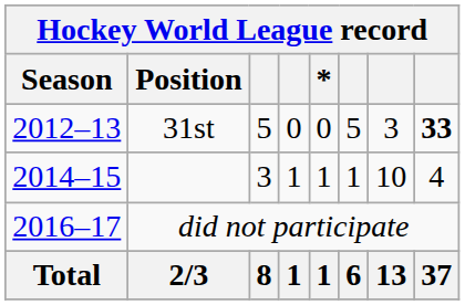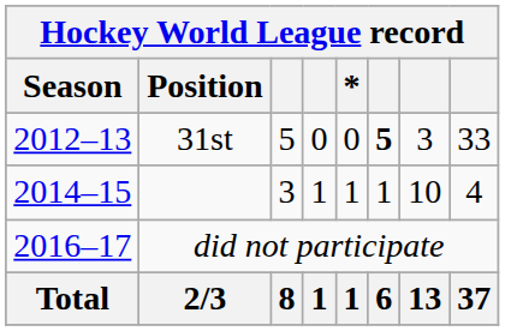 <table class="wikitable" style="text-align: center;">
 <tr>
 <th colspan=9><a href='#'>Hockey World League</a> record</th>
 </tr>
 <tr>
 <th>Season</th>
 <th>Position</th>
 <th></th>
 <th></th>
 <th>*</th>
 <th></th>
 <th></th>
 <th></th>
 </tr>
 <tr>
 <td><a href='#'>2012–13</a></td>
 <td>31st</td>
 <td>5</td>
 <td>0</td>
 <td>0</td>
-<td>5</td>
+<td><strong>5</strong></td>
 <td>3</td>
-<td><strong>33</strong></td>
+<td>33</td>
 </tr>
 <tr>
 <td><a href='#'>2014–15</a></td>
 <td></td>
 <td>3</td>
 <td>1</td>
 <td>1</td>
 <td>1</td>
 <td>10</td>
 <td>4</td>
 </tr>
 <tr>
 <td><a href='#'>2016–17</a></td>
 <td colspan=8><em>did not participate</em></td>
 </tr>
 <tr>
 <th>Total</th>
 <th>2/3</th>
 <th>8</th>
 <th>1</th>
 <th>1</th>
 <th>6</th>
 <th>13</th>
 <th>37</th>
 </tr>
 </table>
